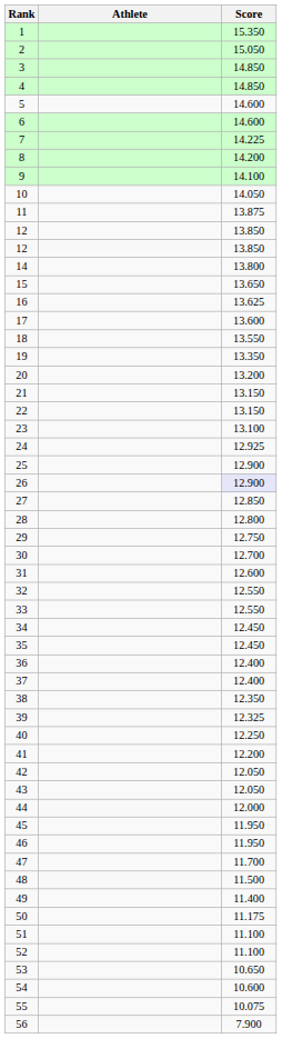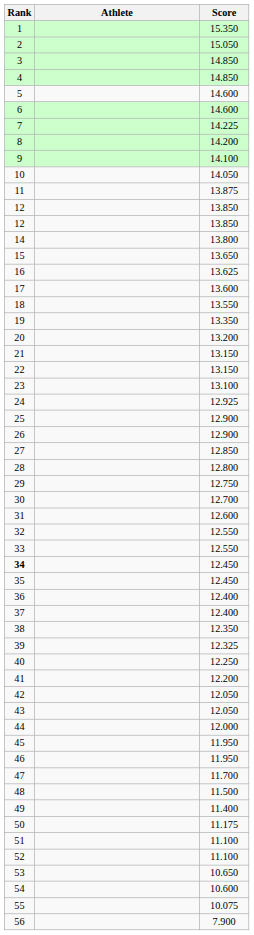 <table class=wikitable style="text-align:center">
 <tr>
 <th width=40>Rank</th>
 <th width=250>Athlete</th>
 <th width=70>Score</th>
 </tr>
 <tr bgcolor="ccffcc">
 <td>1</td>
 <td align=left></td>
 <td>15.350</td>
 </tr>
 <tr bgcolor="ccffcc">
 <td>2</td>
 <td align=left></td>
 <td>15.050</td>
 </tr>
 <tr bgcolor="ccffcc">
 <td>3</td>
 <td align=left></td>
 <td>14.850</td>
 </tr>
 <tr bgcolor="ccffcc">
 <td>4</td>
 <td align=left></td>
 <td>14.850</td>
 </tr>
 <tr>
 <td>5</td>
 <td align=left></td>
 <td>14.600</td>
 </tr>
 <tr bgcolor="ccffcc">
 <td>6</td>
 <td align=left></td>
 <td>14.600</td>
 </tr>
 <tr bgcolor="ccffcc">
 <td>7 </td>
 <td align=left></td>
 <td>14.225</td>
 </tr>
 <tr bgcolor="ccffcc">
 <td>8</td>
 <td align=left></td>
 <td>14.200</td>
 </tr>
 <tr bgcolor="ccffcc">
 <td>9</td>
 <td align=left></td>
 <td>14.100</td>
 </tr>
 <tr>
 <td>10</td>
 <td align=left></td>
 <td>14.050</td>
 </tr>
 <tr>
 <td>11 </td>
 <td align=left></td>
 <td>13.875</td>
 </tr>
 <tr>
 <td>12</td>
 <td align=left></td>
 <td>13.850</td>
 </tr>
 <tr>
 <td>12</td>
 <td align=left></td>
 <td>13.850</td>
 </tr>
 <tr>
 <td>14</td>
 <td align=left></td>
 <td>13.800</td>
 </tr>
 <tr>
 <td>15</td>
 <td align=left></td>
 <td>13.650</td>
 </tr>
 <tr>
 <td>16</td>
 <td align=left></td>
 <td>13.625</td>
 </tr>
 <tr>
 <td>17</td>
 <td align=left></td>
 <td>13.600</td>
 </tr>
 <tr>
 <td>18</td>
 <td align=left></td>
 <td>13.550</td>
 </tr>
 <tr>
 <td>19</td>
 <td align=left></td>
 <td>13.350</td>
 </tr>
 <tr>
 <td>20</td>
 <td align=left></td>
 <td>13.200</td>
 </tr>
 <tr>
 <td>21</td>
 <td align=left></td>
 <td>13.150</td>
 </tr>
 <tr>
 <td>22</td>
 <td align=left></td>
 <td>13.150</td>
 </tr>
 <tr>
 <td>23</td>
 <td align=left></td>
 <td>13.100</td>
 </tr>
 <tr>
 <td>24</td>
 <td align=left></td>
 <td>12.925</td>
 </tr>
 <tr>
 <td>25</td>
 <td align=left></td>
 <td>12.900</td>
 </tr>
 <tr>
 <td>26</td>
 <td align=left></td>
-<td style="background: lavender;">12.900</td>
+<td>12.900</td>
 </tr>
 <tr>
 <td>27</td>
 <td align=left></td>
 <td>12.850</td>
 </tr>
 <tr>
 <td>28</td>
 <td align=left></td>
 <td>12.800</td>
 </tr>
 <tr>
 <td>29</td>
 <td align=left></td>
 <td>12.750</td>
 </tr>
 <tr>
 <td>30</td>
 <td align=left></td>
 <td>12.700</td>
 </tr>
 <tr>
 <td>31</td>
 <td align=left></td>
 <td>12.600</td>
 </tr>
 <tr>
 <td>32</td>
 <td align=left></td>
 <td>12.550</td>
 </tr>
 <tr>
 <td>33</td>
 <td align=left></td>
 <td>12.550</td>
 </tr>
 <tr>
-<td>34</td>
+<td><strong>34</strong></td>
 <td align=left></td>
 <td>12.450</td>
 </tr>
 <tr>
 <td>35</td>
 <td align=left></td>
 <td>12.450</td>
 </tr>
 <tr>
 <td>36</td>
 <td align=left></td>
 <td>12.400</td>
 </tr>
 <tr>
 <td>37</td>
 <td align=left></td>
 <td>12.400</td>
 </tr>
 <tr>
 <td>38</td>
 <td align=left></td>
 <td>12.350</td>
 </tr>
 <tr>
 <td>39</td>
 <td align=left></td>
 <td>12.325</td>
 </tr>
 <tr>
 <td>40</td>
 <td align=left></td>
 <td>12.250</td>
 </tr>
 <tr>
 <td>41</td>
 <td align=left></td>
 <td>12.200</td>
 </tr>
 <tr>
 <td>42</td>
 <td align=left></td>
 <td>12.050</td>
 </tr>
 <tr>
 <td>43</td>
 <td align=left></td>
 <td>12.050</td>
 </tr>
 <tr>
 <td>44</td>
 <td align=left></td>
 <td>12.000</td>
 </tr>
 <tr>
 <td>45</td>
 <td align=left></td>
 <td>11.950</td>
 </tr>
 <tr>
 <td>46</td>
 <td align=left></td>
 <td>11.950</td>
 </tr>
 <tr>
 <td>47</td>
 <td align=left></td>
 <td>11.700</td>
 </tr>
 <tr>
 <td>48</td>
 <td align=left></td>
 <td>11.500</td>
 </tr>
 <tr>
 <td>49</td>
 <td align=left></td>
 <td>11.400</td>
 </tr>
 <tr>
 <td>50</td>
 <td align=left></td>
 <td>11.175</td>
 </tr>
 <tr>
 <td>51</td>
 <td align=left></td>
 <td>11.100</td>
 </tr>
 <tr>
 <td>52</td>
 <td align=left></td>
 <td>11.100</td>
 </tr>
 <tr>
 <td>53</td>
 <td align=left></td>
 <td>10.650</td>
 </tr>
 <tr>
 <td>54</td>
 <td align=left></td>
 <td>10.600</td>
 </tr>
 <tr>
 <td>55</td>
 <td align=left></td>
 <td>10.075</td>
 </tr>
 <tr>
 <td>56</td>
 <td align=left></td>
 <td>7.900</td>
 </tr>
 </table>
